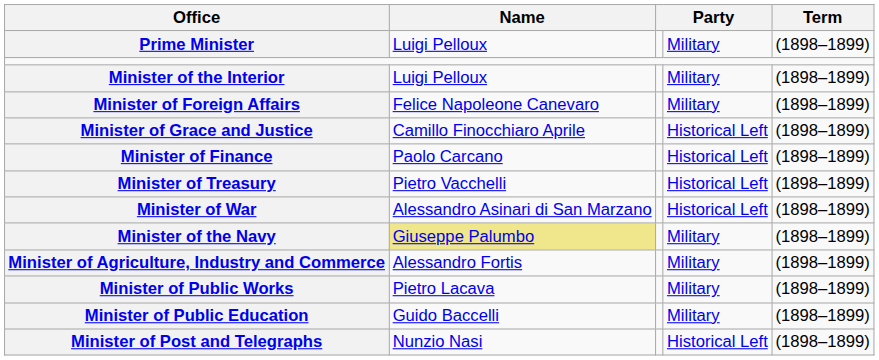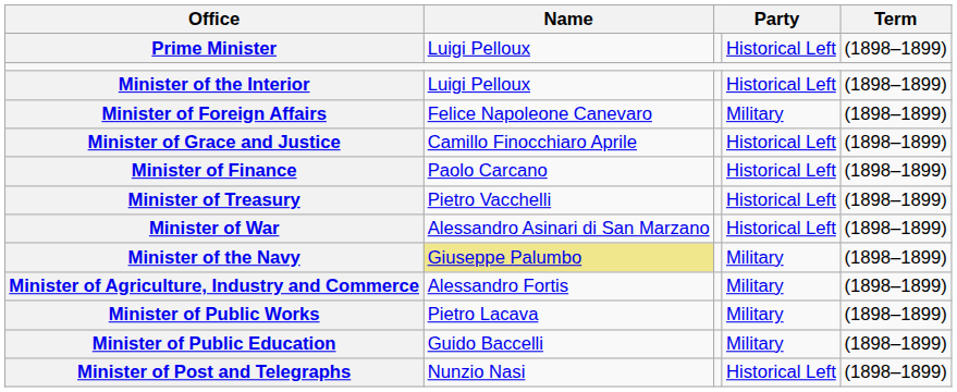 <table class="wikitable" style="font-size: 100%;">
 <tr>
 <th>Office</th>
 <th>Name</th>
 <th colspan=2>Party</th>
 <th>Term</th>
 </tr>
 <tr>
 <th><a href='#'>Prime Minister</a></th>
 <td><a href='#'>Luigi Pelloux</a></td>
 <td style="color:inherit;background:"></td>
-<td><a href='#'>Military</a></td>
+<td><a href='#'>Historical Left</a></td>
 <td>(1898–1899)</td>
 </tr>
 <tr>
 <td colspan=6></td>
 </tr>
 <tr>
 <th><a href='#'>Minister of the Interior</a></th>
 <td><a href='#'>Luigi Pelloux</a></td>
 <td style="color:inherit;background:"></td>
-<td><a href='#'>Military</a></td>
+<td><a href='#'>Historical Left</a></td>
 <td>(1898–1899)</td>
 </tr>
 <tr>
 <th><a href='#'>Minister of Foreign Affairs</a></th>
 <td><a href='#'>Felice Napoleone Canevaro</a></td>
 <td style="color:inherit;background:"></td>
 <td><a href='#'>Military</a></td>
 <td>(1898–1899)</td>
 </tr>
 <tr>
 <th><a href='#'>Minister of Grace and Justice</a></th>
 <td><a href='#'>Camillo Finocchiaro Aprile</a></td>
 <td style="color:inherit;background:"></td>
 <td><a href='#'>Historical Left</a></td>
 <td>(1898–1899)</td>
 </tr>
 <tr>
 <th><a href='#'>Minister of Finance</a></th>
 <td><a href='#'>Paolo Carcano</a></td>
 <td style="color:inherit;background:"></td>
 <td><a href='#'>Historical Left</a></td>
 <td>(1898–1899)</td>
 </tr>
 <tr>
 <th><a href='#'>Minister of Treasury</a></th>
 <td><a href='#'>Pietro Vacchelli</a></td>
 <td style="color:inherit;background:"></td>
 <td><a href='#'>Historical Left</a></td>
 <td>(1898–1899)</td>
 </tr>
 <tr>
 <th><a href='#'>Minister of War</a></th>
 <td><a href='#'>Alessandro Asinari di San Marzano</a></td>
 <td style="color:inherit;background:"></td>
 <td><a href='#'>Historical Left</a></td>
 <td>(1898–1899)</td>
 </tr>
 <tr>
 <th><a href='#'>Minister of the Navy</a></th>
 <td style="background: khaki;"><a href='#'>Giuseppe Palumbo</a></td>
 <td style="color:inherit;background:"></td>
 <td><a href='#'>Military</a></td>
 <td>(1898–1899)</td>
 </tr>
 <tr>
 <th><a href='#'>Minister of Agriculture, Industry and Commerce</a></th>
 <td><a href='#'>Alessandro Fortis</a></td>
 <td style="color:inherit;background:"></td>
 <td><a href='#'>Military</a></td>
 <td>(1898–1899)</td>
 </tr>
 <tr>
 <th><a href='#'>Minister of Public Works</a></th>
 <td><a href='#'>Pietro Lacava</a></td>
 <td style="color:inherit;background:"></td>
 <td><a href='#'>Military</a></td>
 <td>(1898–1899)</td>
 </tr>
 <tr>
 <th><a href='#'>Minister of Public Education</a></th>
 <td><a href='#'>Guido Baccelli</a></td>
 <td style="color:inherit;background:"></td>
 <td><a href='#'>Military</a></td>
 <td>(1898–1899)</td>
 </tr>
 <tr>
 <th><a href='#'>Minister of Post and Telegraphs</a></th>
 <td><a href='#'>Nunzio Nasi</a></td>
 <td style="color:inherit;background:"></td>
 <td><a href='#'>Historical Left</a></td>
 <td>(1898–1899)</td>
 </tr>
 </table>
